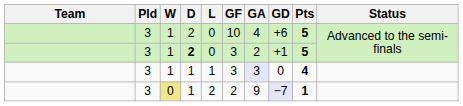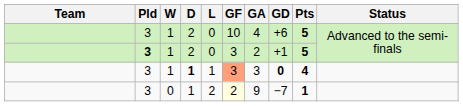 <table class="wikitable" style="text-align: center;">
 <tr>
 <th width=165>Team</th>
 <th width=20>Pld</th>
 <th width=20>W</th>
 <th width=20>D</th>
 <th width=20>L</th>
 <th width=20>GF</th>
 <th width=20>GA</th>
 <th width=20>GD</th>
 <th width=20>Pts</th>
 <th width=178>Status</th>
 </tr>
 <tr bgcolor="#D0F0C0">
 <td align=left></td>
 <td>3</td>
 <td>1</td>
 <td>2</td>
 <td>0</td>
 <td>10</td>
 <td>4</td>
 <td>+6</td>
 <td><strong>5</strong></td>
 <td rowspan=2>Advanced to the semi-finals</td>
 </tr>
 <tr bgcolor="#D0F0C0">
 <td align=left></td>
-<td>3</td>
+<td><strong>3</strong></td>
 <td>1</td>
-<td><strong>2</strong></td>
+<td>2</td>
 <td>0</td>
 <td>3</td>
 <td>2</td>
 <td>+1</td>
 <td><strong>5</strong></td>
 </tr>
 <tr>
 <td align=left></td>
 <td>3</td>
 <td>1</td>
+<td><strong>1</strong></td>
 <td>1</td>
-<td>1</td>
+<td style="background: lightsalmon;">3</td>
 <td>3</td>
-<td style="background: lavender;">3</td>
-<td>0</td>
+<td><strong>0</strong></td>
 <td><strong>4</strong></td>
 <td></td>
 </tr>
 <tr>
 <td align=left></td>
 <td>3</td>
-<td style="background: khaki;">0</td>
+<td>0</td>
 <td>1</td>
 <td>2</td>
-<td>2</td>
+<td style="background: lightyellow;">2</td>
 <td>9</td>
-<td style="background: lavender;">−7</td>
+<td>−7</td>
 <td><strong>1</strong></td>
 <td></td>
 </tr>
 </table>
